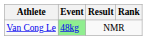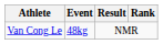 <table class=wikitable style="font-size:90%">
 <tr>
 <th>Athlete</th>
 <th>Event</th>
 <th>Result</th>
 <th>Rank</th>
 </tr>
 <tr>
 <td><a href='#'>Van Cong Le</a></td>
-<td style="background: lightgreen;"><a href='#'>48kg</a></td>
+<td><a href='#'>48kg</a></td>
 <td style="text-align:center;" colspan="2">NMR</td>
 </tr>
 </table>
